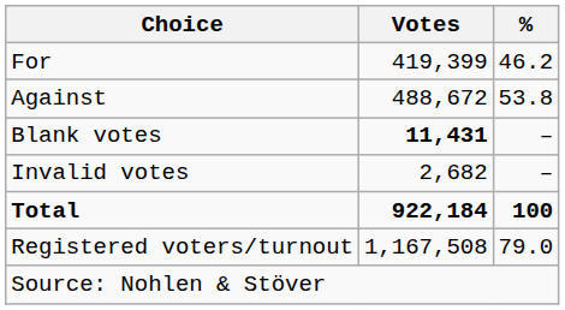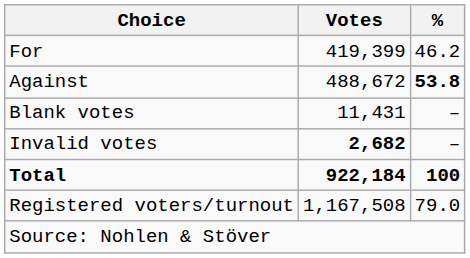 <table class=wikitable style=text-align:right>
 <tr>
 <th>Choice</th>
 <th>Votes</th>
 <th>%</th>
 </tr>
 <tr>
 <td align=left>For</td>
 <td>419,399</td>
 <td>46.2</td>
 </tr>
 <tr>
 <td align=left>Against</td>
 <td>488,672</td>
-<td>53.8</td>
+<td><strong>53.8</strong></td>
 </tr>
 <tr>
 <td align=left>Blank votes</td>
-<td><strong>11,431</strong></td>
+<td>11,431</td>
 <td>–</td>
 </tr>
 <tr>
 <td align=left>Invalid votes</td>
-<td>2,682</td>
+<td><strong>2,682</strong></td>
 <td>–</td>
 </tr>
 <tr>
 <td align=left><strong>Total</strong></td>
 <td><strong>922,184</strong></td>
 <td><strong>100</strong></td>
 </tr>
 <tr>
 <td align=left>Registered voters/turnout</td>
 <td>1,167,508</td>
 <td>79.0</td>
 </tr>
 <tr>
 <td align=left colspan=3>Source: Nohlen & Stöver</td>
 </tr>
 </table>
